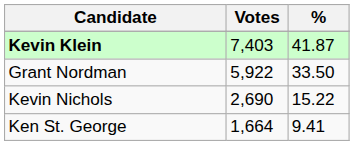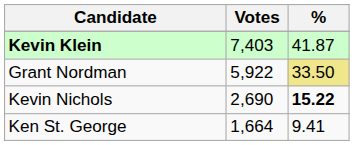 <table class="wikitable sortable">
 <tr>
 <th bgcolor="#DDDDFF" width="200px">Candidate</th>
 <th bgcolor="#DDDDFF" width="50px">Votes</th>
 <th bgcolor="#DDDDFF" width="50px">%</th>
 </tr>
 <tr>
 </tr>
 <tr style="text-align:left; background:#cfc;">
 <td><strong>Kevin Klein</strong></td>
 <td>7,403</td>
 <td>41.87</td>
 </tr>
 <tr>
 <td>Grant Nordman</td>
 <td>5,922</td>
-<td>33.50</td>
+<td style="background: khaki;">33.50</td>
 </tr>
 <tr>
 <td>Kevin Nichols</td>
 <td>2,690</td>
-<td>15.22</td>
+<td><strong>15.22</strong></td>
 </tr>
 <tr>
 <td>Ken St. George</td>
 <td>1,664</td>
 <td>9.41</td>
 </tr>
 </table>
